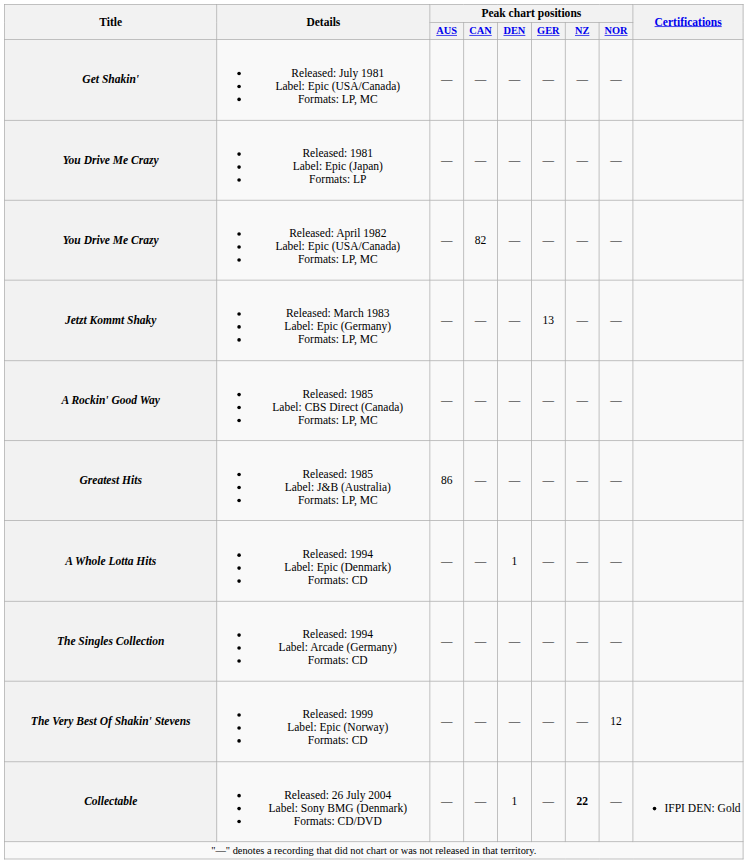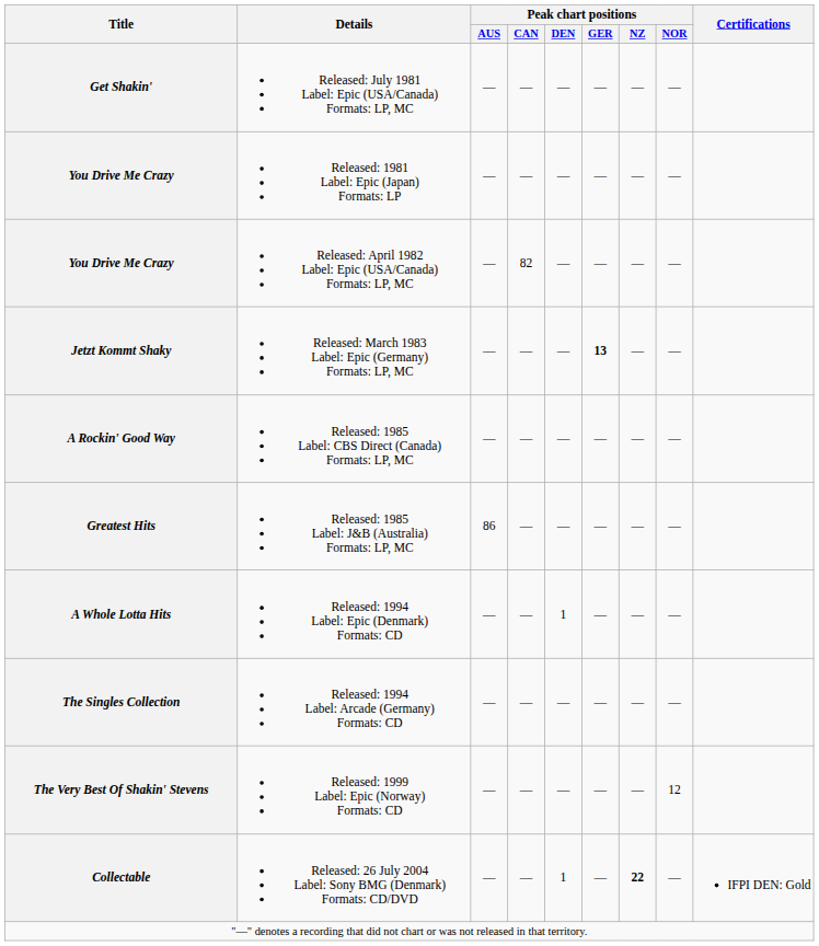 <table class="wikitable plainrowheaders" style="text-align:center;">
 <tr>
 <th scope="col" rowspan="2" style="width:18em;">Title</th>
 <th scope="col" rowspan="2" style="width:18em;">Details</th>
 <th scope="col" colspan="6">Peak chart positions</th>
 <th scope="col" rowspan="2"><a href='#'>Certifications</a></th>
 </tr>
 <tr>
 <th scope="col" style="width:2.8em;font-size:90%;"><a href='#'>AUS</a><br></th>
 <th scope="col" style="width:2.8em;font-size:90%;"><a href='#'>CAN</a><br></th>
 <th scope="col" style="width:2.8em;font-size:90%;"><a href='#'>DEN</a><br></th>
 <th scope="col" style="width:2.8em;font-size:90%;"><a href='#'>GER</a><br></th>
 <th scope="col" style="width:2.8em;font-size:90%;"><a href='#'>NZ</a><br></th>
 <th scope="col" style="width:2.8em;font-size:90%;"><a href='#'>NOR</a><br></th>
 </tr>
 <tr>
 <th scope="row"><em>Get Shakin' </em></th>
 <td><br><ul><li>Released: July 1981</li><li>Label: Epic <span>(USA/Canada)</span></li><li>Formats: LP, MC</li></ul></td>
 <td>—</td>
 <td>—</td>
 <td>—</td>
 <td>—</td>
 <td>—</td>
 <td>—</td>
 <td></td>
 </tr>
 <tr>
 <th scope="row"><em>You Drive Me Crazy</em></th>
 <td><br><ul><li>Released: 1981</li><li>Label: Epic <span>(Japan)</span></li><li>Formats: LP</li></ul></td>
 <td>—</td>
 <td>—</td>
 <td>—</td>
 <td>—</td>
 <td>—</td>
 <td>—</td>
 <td></td>
 </tr>
 <tr>
 <th scope="row"><em>You Drive Me Crazy</em> </th>
 <td><br><ul><li>Released: April 1982</li><li>Label: Epic <span>(USA/Canada)</span></li><li>Formats: LP, MC</li></ul></td>
 <td>—</td>
 <td>82</td>
 <td>—</td>
 <td>—</td>
 <td>—</td>
 <td>—</td>
 <td></td>
 </tr>
 <tr>
 <th scope="row"><em>Jetzt Kommt Shaky</em></th>
 <td><br><ul><li>Released: March 1983</li><li>Label: Epic <span>(Germany)</span></li><li>Formats: LP, MC</li></ul></td>
 <td>—</td>
 <td>—</td>
 <td>—</td>
-<td>13</td>
+<td><strong>13</strong></td>
 <td>—</td>
 <td>—</td>
 <td></td>
 </tr>
 <tr>
 <th scope="row"><em>A Rockin' Good Way</em></th>
 <td><br><ul><li>Released: 1985</li><li>Label: CBS Direct <span>(Canada)</span></li><li>Formats: LP, MC</li></ul></td>
 <td>—</td>
 <td>—</td>
 <td>—</td>
 <td>—</td>
 <td>—</td>
 <td>—</td>
 <td></td>
 </tr>
 <tr>
 <th scope="row"><em>Greatest Hits</em></th>
 <td><br><ul><li>Released: 1985</li><li>Label: J&B <span>(Australia)</span></li><li>Formats: LP, MC</li></ul></td>
 <td>86</td>
 <td>—</td>
 <td>—</td>
 <td>—</td>
 <td>—</td>
 <td>—</td>
 <td></td>
 </tr>
 <tr>
 <th scope="row"><em>A Whole Lotta Hits</em></th>
 <td><br><ul><li>Released: 1994</li><li>Label: Epic <span>(Denmark)</span></li><li>Formats: CD</li></ul></td>
 <td>—</td>
 <td>—</td>
 <td>1</td>
 <td>—</td>
 <td>—</td>
 <td>—</td>
 <td></td>
 </tr>
 <tr>
 <th scope="row"><em>The Singles Collection</em></th>
 <td><br><ul><li>Released: 1994</li><li>Label: Arcade <span>(Germany)</span></li><li>Formats: CD</li></ul></td>
 <td>—</td>
 <td>—</td>
 <td>—</td>
 <td>—</td>
 <td>—</td>
 <td>—</td>
 <td></td>
 </tr>
 <tr>
 <th scope="row"><em>The Very Best Of Shakin' Stevens</em></th>
 <td><br><ul><li>Released: 1999</li><li>Label: Epic <span>(Norway)</span></li><li>Formats: CD</li></ul></td>
 <td>—</td>
 <td>—</td>
 <td>—</td>
 <td>—</td>
 <td>—</td>
 <td>12</td>
 <td></td>
 </tr>
 <tr>
 <th scope="row"><em>Collectable</em></th>
 <td><br><ul><li>Released: 26 July 2004</li><li>Label: Sony BMG <span>(Denmark)</span></li><li>Formats: CD/DVD</li></ul></td>
 <td>—</td>
 <td>—</td>
 <td>1</td>
 <td>—</td>
 <td><strong>22</strong></td>
 <td>—</td>
 <td><br><ul><li>IFPI DEN: Gold</li></ul></td>
 </tr>
 <tr>
 <td colspan="10" style="font-size:90%">"—" denotes a recording that did not chart or was not released in that territory.</td>
 </tr>
 </table>
